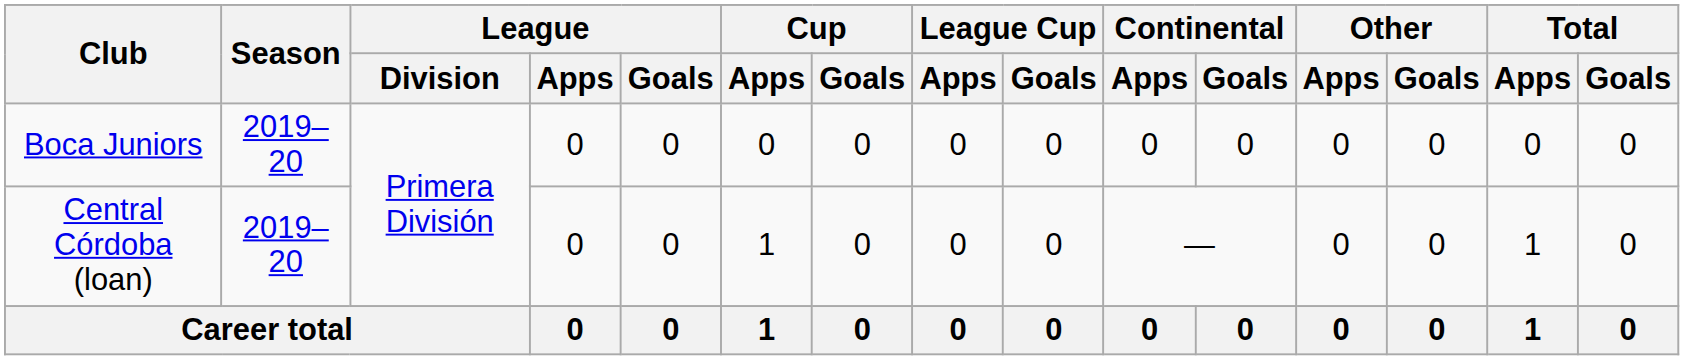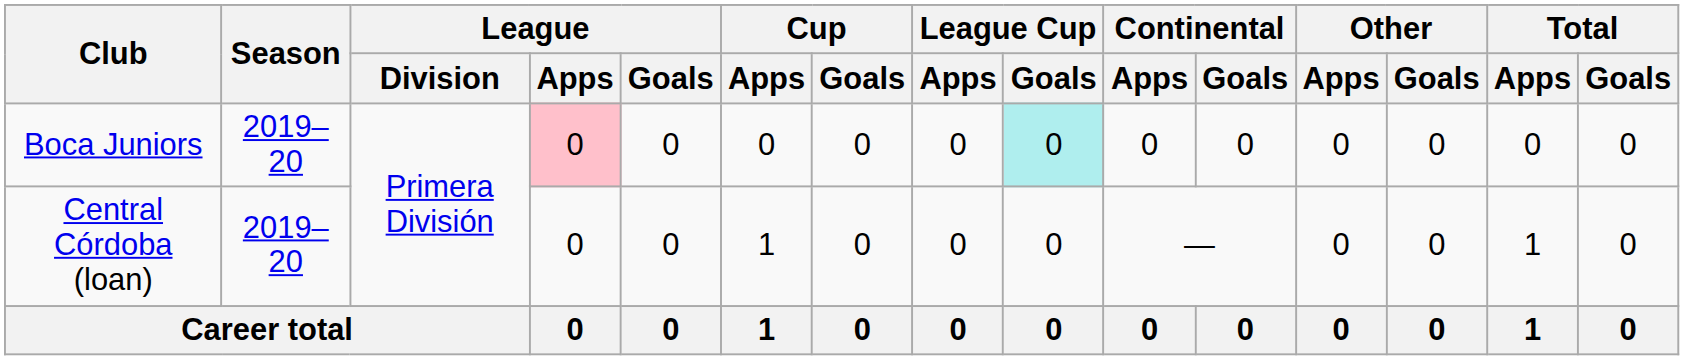 <table class="wikitable" style="text-align:center">
 <tr>
 <th rowspan="2">Club</th>
 <th rowspan="2">Season</th>
 <th colspan="3">League</th>
 <th colspan="2">Cup</th>
 <th colspan="2">League Cup</th>
 <th colspan="2">Continental</th>
 <th colspan="2">Other</th>
 <th colspan="2">Total</th>
 </tr>
 <tr>
 <th>Division</th>
 <th>Apps</th>
 <th>Goals</th>
 <th>Apps</th>
 <th>Goals</th>
 <th>Apps</th>
 <th>Goals</th>
 <th>Apps</th>
 <th>Goals</th>
 <th>Apps</th>
 <th>Goals</th>
 <th>Apps</th>
 <th>Goals</th>
 </tr>
 <tr>
 <td rowspan="1"><a href='#'>Boca Juniors</a></td>
 <td><a href='#'>2019–20</a></td>
 <td rowspan="2"><a href='#'>Primera División</a></td>
+<td style="background: pink;">0</td>
 <td>0</td>
 <td>0</td>
 <td>0</td>
 <td>0</td>
-<td>0</td>
-<td>0</td>
+<td style="background: paleturquoise;">0</td>
 <td>0</td>
 <td>0</td>
 <td>0</td>
 <td>0</td>
 <td>0</td>
 <td>0</td>
 </tr>
 <tr>
 <td rowspan="1"><a href='#'>Central Córdoba</a> (loan)</td>
 <td><a href='#'>2019–20</a></td>
 <td>0</td>
 <td>0</td>
 <td>1</td>
 <td>0</td>
 <td>0</td>
 <td>0</td>
 <td colspan="2">—</td>
 <td>0</td>
 <td>0</td>
 <td>1</td>
 <td>0</td>
 </tr>
 <tr>
 <th colspan="3">Career total</th>
 <th>0</th>
 <th>0</th>
 <th>1</th>
 <th>0</th>
 <th>0</th>
 <th>0</th>
 <th>0</th>
 <th>0</th>
 <th>0</th>
 <th>0</th>
 <th>1</th>
 <th>0</th>
 </tr>
 </table>
